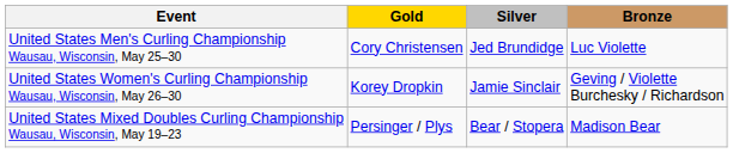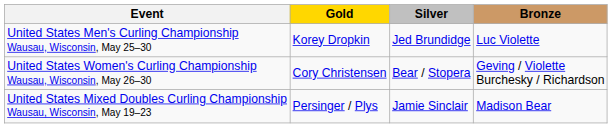 <table class="wikitable">
 <tr>
 <th>Event</th>
 <th style="background:gold">Gold</th>
 <th style="background:silver">Silver</th>
 <th style="background:#cc9966">Bronze</th>
 </tr>
 <tr>
 <td><a href='#'>United States Men's Curling Championship</a> <br> <small><a href='#'>Wausau, Wisconsin</a>, May 25–30</small></td>
-<td> <a href='#'>Cory Christensen</a></td>
+<td> <a href='#'>Korey Dropkin</a></td>
 <td> <a href='#'>Jed Brundidge</a></td>
 <td> <a href='#'>Luc Violette</a></td>
 </tr>
 <tr>
 <td><a href='#'>United States Women's Curling Championship</a> <br> <small><a href='#'>Wausau, Wisconsin</a>, May 26–30</small></td>
-<td> <a href='#'>Korey Dropkin</a></td>
-<td> <a href='#'>Jamie Sinclair</a></td>
+<td> <a href='#'>Cory Christensen</a></td>
+<td> <a href='#'>Bear</a> / <a href='#'>Stopera</a></td>
 <td> <a href='#'>Geving</a> / <a href='#'>Violette</a> <br>  Burchesky / Richardson</td>
 </tr>
 <tr>
 <td><a href='#'>United States Mixed Doubles Curling Championship</a> <br> <small><a href='#'>Wausau, Wisconsin</a>, May 19–23</small></td>
 <td> <a href='#'>Persinger</a> /  <a href='#'>Plys</a></td>
-<td> <a href='#'>Bear</a> / <a href='#'>Stopera</a></td>
+<td> <a href='#'>Jamie Sinclair</a></td>
 <td> <a href='#'>Madison Bear</a></td>
 </tr>
 </table>
